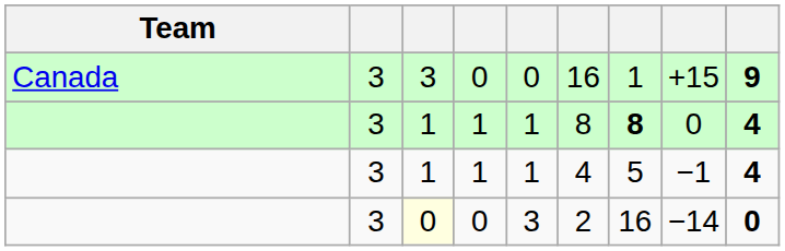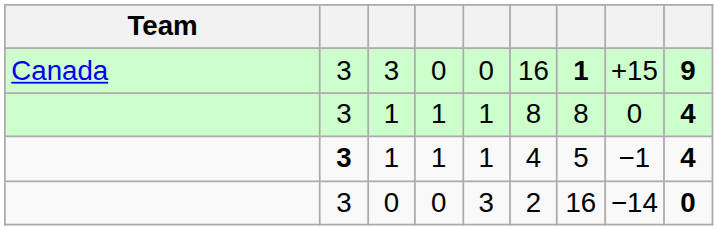 <table class="wikitable" style="text-align: center;">
 <tr>
 <th width="175">Team</th>
 <th width="20"></th>
 <th width="20"></th>
 <th width="20"></th>
 <th width="20"></th>
 <th width="20"></th>
 <th width="20"></th>
 <th width="20"></th>
 <th width="20"></th>
 </tr>
 <tr style="background:#cfc;">
 <td align=left> <a href='#'>Canada</a></td>
 <td>3</td>
 <td>3</td>
 <td>0</td>
 <td>0</td>
 <td>16</td>
-<td>1</td>
+<td><strong>1</strong></td>
 <td>+15</td>
 <td><strong>9</strong></td>
 </tr>
 <tr style="background:#cfc;">
 <td align=left></td>
 <td>3</td>
 <td>1</td>
 <td>1</td>
 <td>1</td>
 <td>8</td>
-<td><strong>8</strong></td>
+<td>8</td>
 <td>0</td>
 <td><strong>4</strong></td>
 </tr>
 <tr>
 <td align=left></td>
-<td>3</td>
+<td><strong>3</strong></td>
 <td>1</td>
 <td>1</td>
 <td>1</td>
 <td>4</td>
 <td>5</td>
 <td>−1</td>
 <td><strong>4</strong></td>
 </tr>
 <tr>
 <td align=left></td>
 <td>3</td>
-<td style="background: lightyellow;">0</td>
+<td>0</td>
 <td>0</td>
 <td>3</td>
 <td>2</td>
 <td>16</td>
 <td>−14</td>
 <td><strong>0</strong></td>
 </tr>
 </table>
